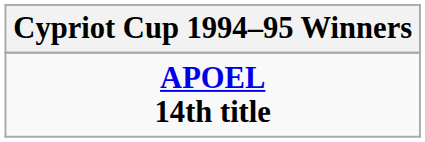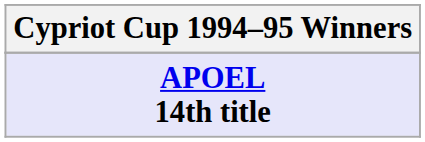 <table class="wikitable" style="text-align:center;margin: 0 auto;">
 <tr>
 <th>Cypriot Cup 1994–95 Winners</th>
 </tr>
 <tr>
 </tr>
 <tr>
-<td><strong><a href='#'>APOEL</a></strong><br><strong>14th title</strong></td>
+<td style="background: lavender;"><strong><a href='#'>APOEL</a></strong><br><strong>14th title</strong></td>
 </tr>
 </table>
